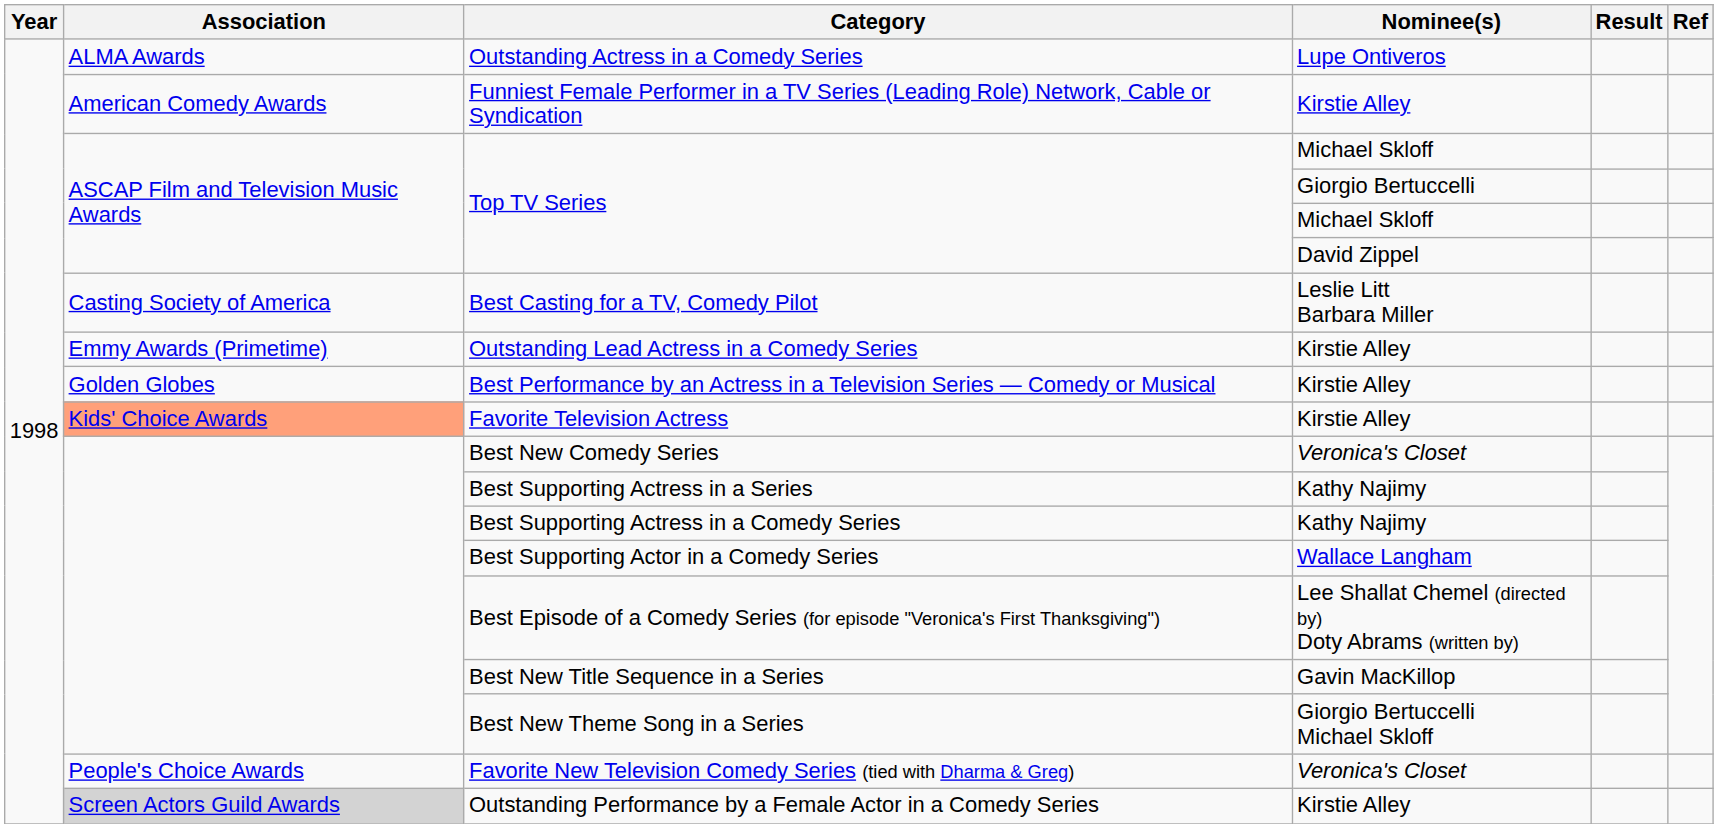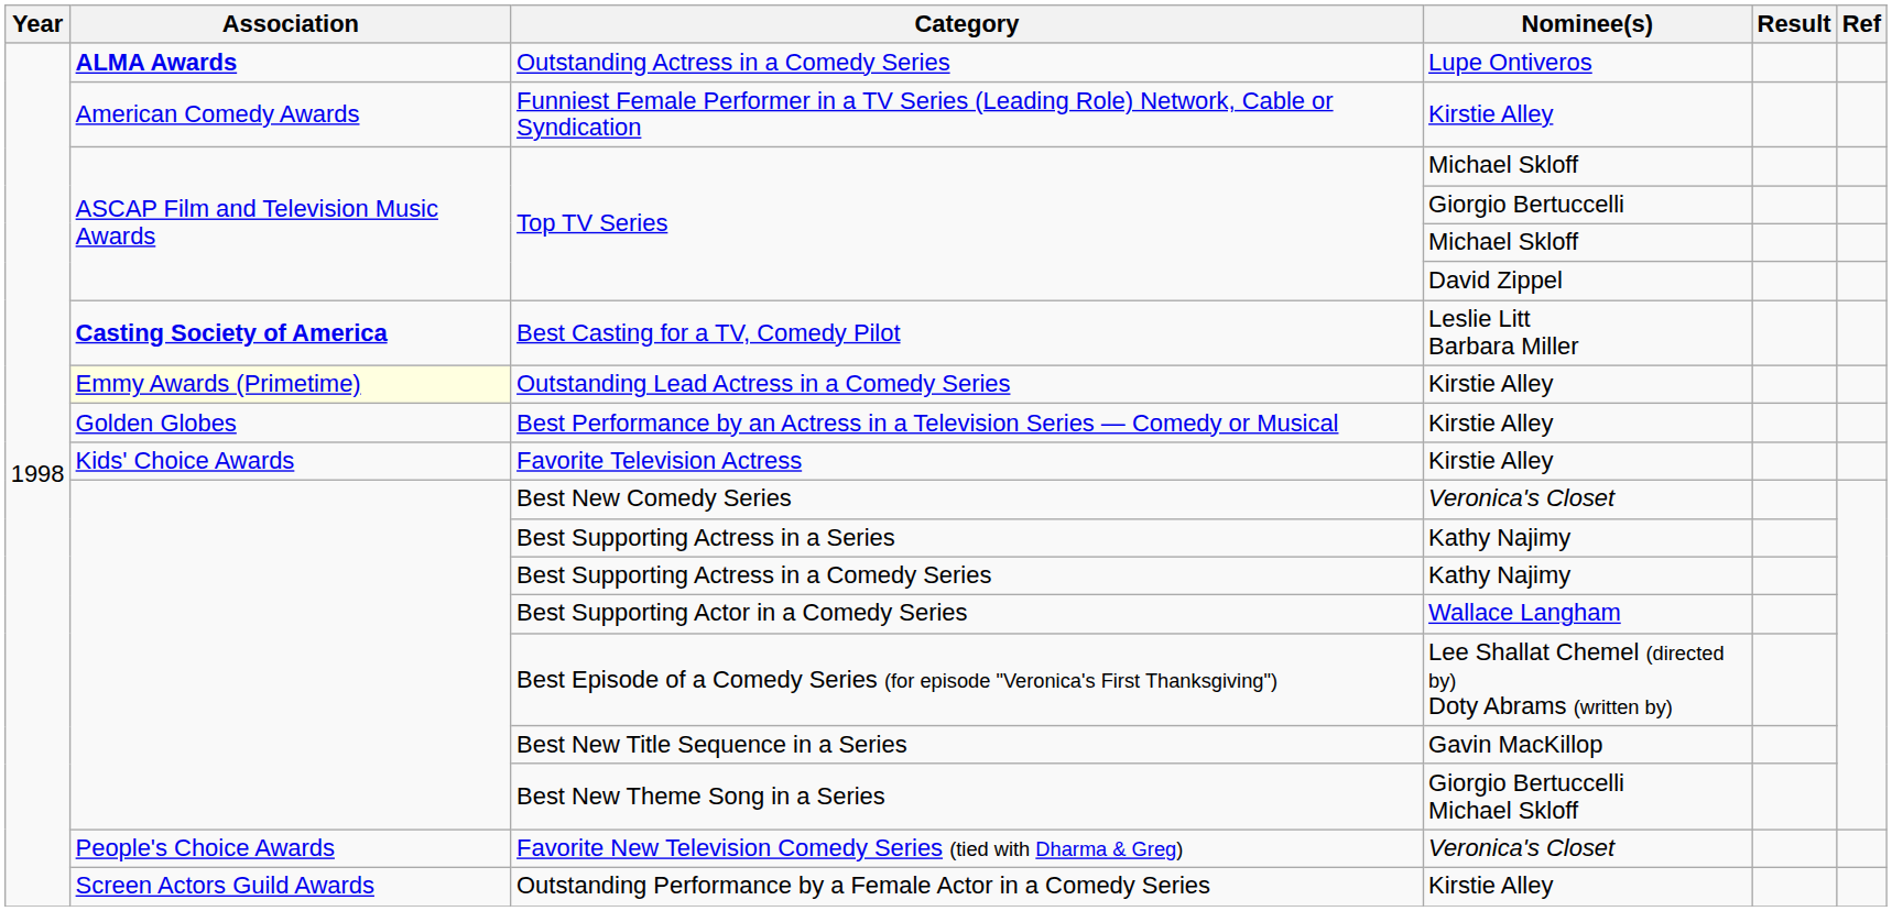 <table class="wikitable">
 <tr>
 <th>Year</th>
 <th>Association</th>
 <th>Category</th>
 <th>Nominee(s)</th>
 <th>Result</th>
 <th>Ref</th>
 </tr>
 <tr>
 <td rowspan="19">1998</td>
-<td><a href='#'>ALMA Awards</a></td>
+<td><strong><a href='#'>ALMA Awards</a></strong></td>
 <td><a href='#'>Outstanding Actress in a Comedy Series</a></td>
 <td><a href='#'>Lupe Ontiveros</a></td>
 <td></td>
 <td></td>
 </tr>
 <tr>
 <td><a href='#'>American Comedy Awards</a></td>
 <td><a href='#'>Funniest Female Performer in a TV Series (Leading Role) Network, Cable or Syndication</a></td>
 <td><a href='#'>Kirstie Alley</a></td>
 <td></td>
 <td></td>
 </tr>
 <tr>
 <td rowspan="4"><a href='#'>ASCAP Film and Television Music Awards</a></td>
 <td rowspan="4"><a href='#'>Top TV Series</a></td>
 <td>Michael Skloff</td>
 <td></td>
 <td></td>
 </tr>
 <tr>
 <td>Giorgio Bertuccelli</td>
 <td></td>
 <td></td>
 </tr>
 <tr>
 <td>Michael Skloff</td>
 <td></td>
 <td></td>
 </tr>
 <tr>
 <td>David Zippel</td>
 <td></td>
 <td></td>
 </tr>
 <tr>
-<td><a href='#'>Casting Society of America</a></td>
+<td><strong><a href='#'>Casting Society of America</a></strong></td>
 <td><a href='#'>Best Casting for a TV, Comedy Pilot</a></td>
 <td>Leslie Litt<br>Barbara Miller</td>
 <td></td>
 <td></td>
 </tr>
 <tr>
-<td><a href='#'>Emmy Awards (Primetime)</a></td>
+<td style="background: lightyellow;"><a href='#'>Emmy Awards (Primetime)</a></td>
 <td><a href='#'>Outstanding Lead Actress in a Comedy Series</a></td>
 <td>Kirstie Alley</td>
 <td></td>
 <td></td>
 </tr>
 <tr>
 <td><a href='#'>Golden Globes</a></td>
 <td><a href='#'>Best Performance by an Actress in a Television Series — Comedy or Musical</a></td>
 <td>Kirstie Alley</td>
 <td></td>
 <td></td>
 </tr>
 <tr>
-<td style="background: lightsalmon;"><a href='#'>Kids' Choice Awards</a></td>
+<td><a href='#'>Kids' Choice Awards</a></td>
 <td><a href='#'>Favorite Television Actress</a></td>
 <td>Kirstie Alley</td>
 <td></td>
 <td></td>
 </tr>
 <tr>
 <td rowspan="7"></td>
 <td>Best New Comedy Series</td>
 <td><em>Veronica's Closet</em></td>
 <td></td>
 <td rowspan="7"></td>
 </tr>
 <tr>
 <td>Best Supporting Actress in a Series</td>
 <td>Kathy Najimy</td>
 <td></td>
 </tr>
 <tr>
 <td>Best Supporting Actress in a Comedy Series</td>
 <td>Kathy Najimy</td>
 <td></td>
 </tr>
 <tr>
 <td>Best Supporting Actor in a Comedy Series</td>
 <td><a href='#'>Wallace Langham</a></td>
 <td></td>
 </tr>
 <tr>
 <td>Best Episode of a Comedy Series <small>(for episode "Veronica's First Thanksgiving")</small></td>
 <td>Lee Shallat Chemel <small>(directed by)</small><br>Doty Abrams <small>(written by)</small></td>
 <td></td>
 </tr>
 <tr>
 <td>Best New Title Sequence in a Series</td>
 <td>Gavin MacKillop</td>
 <td></td>
 </tr>
 <tr>
 <td>Best New Theme Song in a Series</td>
 <td>Giorgio Bertuccelli<br>Michael Skloff</td>
 <td></td>
 </tr>
 <tr>
 <td><a href='#'>People's Choice Awards</a></td>
 <td><a href='#'>Favorite New Television Comedy Series</a> <small>(tied with <a href='#'>Dharma & Greg</a>)</small></td>
 <td><em>Veronica's Closet</em></td>
 <td></td>
 <td></td>
 </tr>
 <tr>
-<td style="background: lightgrey;"><a href='#'>Screen Actors Guild Awards</a></td>
+<td><a href='#'>Screen Actors Guild Awards</a></td>
 <td>Outstanding Performance by a Female Actor in a Comedy Series</td>
 <td>Kirstie Alley</td>
 <td></td>
 <td></td>
 </tr>
 </table>
